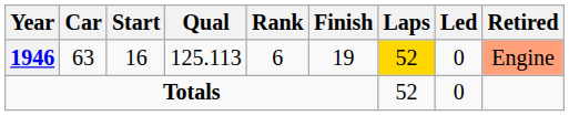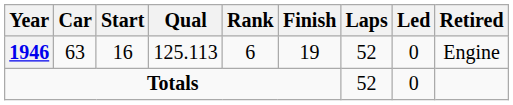 <table class="wikitable" style="text-align:center">
 <tr>
 <th>Year</th>
 <th>Car</th>
 <th>Start</th>
 <th>Qual</th>
 <th>Rank</th>
 <th>Finish</th>
 <th>Laps</th>
 <th>Led</th>
 <th>Retired</th>
 </tr>
 <tr>
 <th><a href='#'>1946</a></th>
 <td>63</td>
 <td>16</td>
 <td>125.113</td>
 <td>6</td>
 <td>19</td>
-<td style="background: gold;">52</td>
+<td>52</td>
 <td>0</td>
-<td style="background: lightsalmon;">Engine</td>
+<td>Engine</td>
 </tr>
 <tr>
 <td colspan=6><strong>Totals</strong></td>
 <td>52</td>
 <td>0</td>
 <td></td>
 </tr>
 </table>
